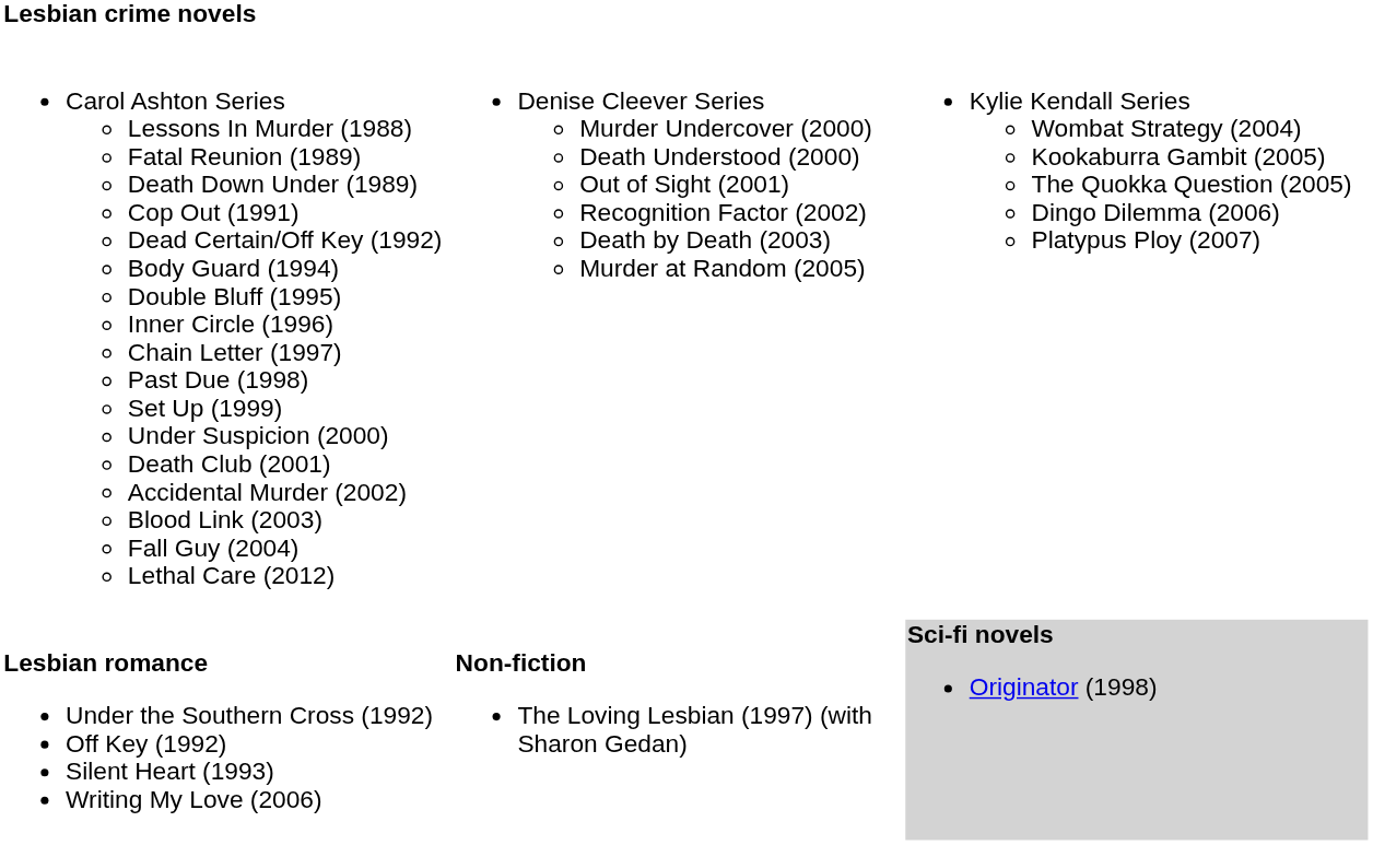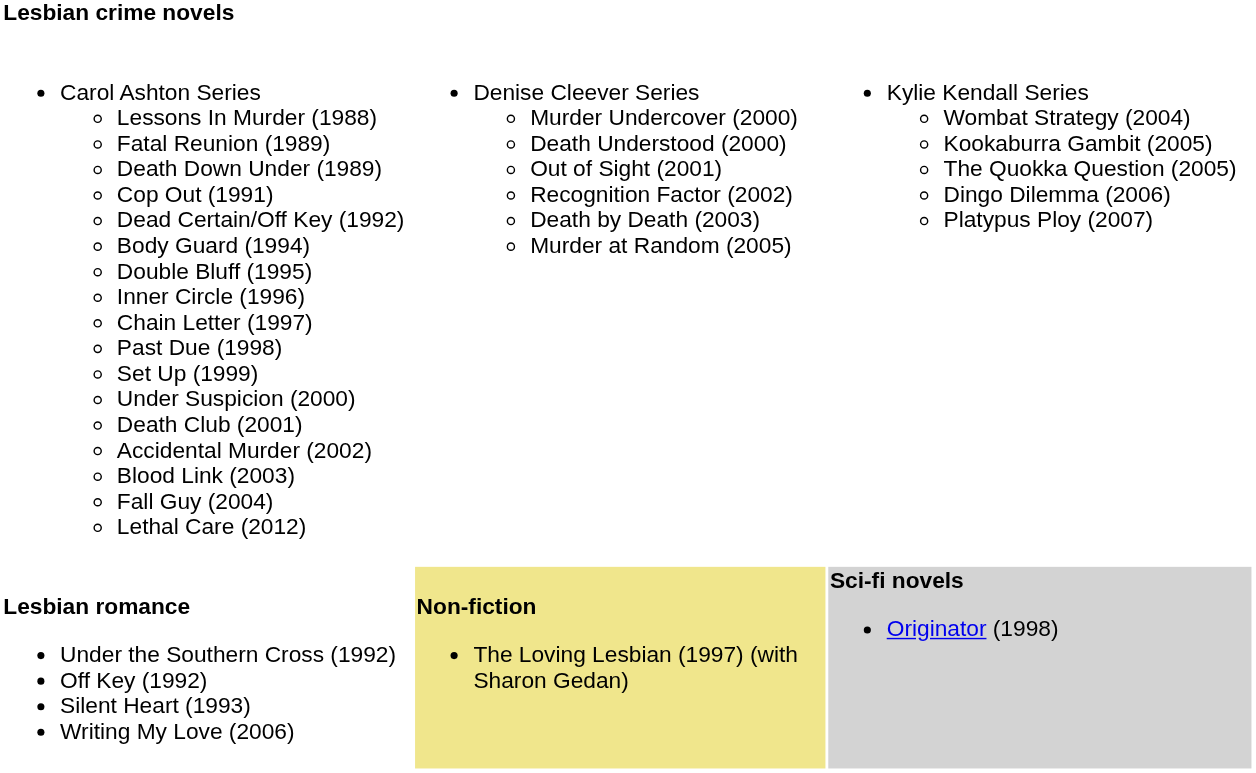 <table>
 <tr>
 <td colspan=3><strong>Lesbian crime novels</strong></td>
 </tr>
 <tr>
 <td valign="top" width="33%"><br><ul><li>Carol Ashton Series<ul><li>Lessons In Murder (1988)</li><li>Fatal Reunion (1989)</li><li>Death Down Under (1989)</li><li>Cop Out (1991)</li><li>Dead Certain/Off Key (1992)</li><li>Body Guard (1994)</li><li>Double Bluff (1995)</li><li>Inner Circle (1996)</li><li>Chain Letter (1997)</li><li>Past Due (1998)</li><li>Set Up (1999)</li><li>Under Suspicion (2000)</li><li>Death Club (2001)</li><li>Accidental Murder (2002)</li><li>Blood Link (2003)</li><li>Fall Guy (2004)</li><li>Lethal Care (2012)</li></ul></li></ul></td>
 <td valign="top" width="33%"><br><ul><li>Denise Cleever Series<ul><li>Murder Undercover (2000)</li><li>Death Understood (2000)</li><li>Out of Sight (2001)</li><li>Recognition Factor (2002)</li><li>Death by Death (2003)</li><li>Murder at Random (2005)</li></ul></li></ul></td>
 <td valign="top"><br><ul><li>Kylie Kendall Series<ul><li>Wombat Strategy (2004)</li><li>Kookaburra Gambit (2005)</li><li>The Quokka Question (2005)</li><li>Dingo Dilemma (2006)</li><li>Platypus Ploy (2007)</li></ul></li></ul></td>
 </tr>
 <tr>
 <td valign="top"><br><strong>Lesbian romance</strong><ul><li>Under the Southern Cross (1992)</li><li>Off Key (1992)</li><li>Silent Heart (1993)</li><li>Writing My Love (2006)</li></ul></td>
-<td valign="top"><br><strong>Non-fiction</strong><ul><li>The Loving Lesbian (1997) (with Sharon Gedan)</li></ul></td>
+<td valign="top" style="background: khaki;"><br><strong>Non-fiction</strong><ul><li>The Loving Lesbian (1997) (with Sharon Gedan)</li></ul></td>
 <td valign="top" style="background: lightgrey;"><strong>Sci-fi novels</strong><br><ul><li><a href='#'>Originator</a> (1998) </li></ul></td>
 </tr>
 </table>
